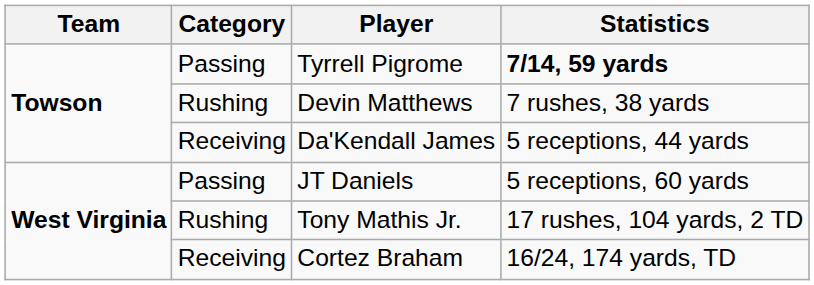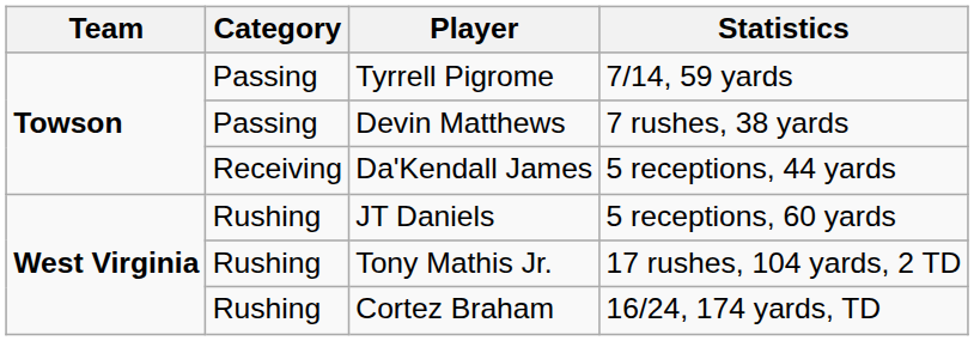 <table class="wikitable" style="float: right;">
 <tr>
 <th>Team</th>
 <th>Category</th>
 <th>Player</th>
 <th>Statistics</th>
 </tr>
 <tr>
 <td rowspan=3><strong>Towson</strong></td>
 <td>Passing</td>
 <td>Tyrrell Pigrome</td>
-<td><strong>7/14, 59 yards</strong></td>
+<td>7/14, 59 yards</td>
 </tr>
 <tr>
-<td>Rushing</td>
+<td>Passing</td>
 <td>Devin Matthews</td>
 <td>7 rushes, 38 yards</td>
 </tr>
 <tr>
 <td>Receiving</td>
 <td>Da'Kendall James</td>
 <td>5 receptions, 44 yards</td>
 </tr>
 <tr>
 <td rowspan=3><strong>West Virginia</strong></td>
-<td>Passing</td>
+<td>Rushing</td>
 <td>JT Daniels</td>
 <td>5 receptions, 60 yards</td>
 </tr>
 <tr>
 <td>Rushing</td>
 <td>Tony Mathis Jr.</td>
 <td>17 rushes, 104 yards, 2 TD</td>
 </tr>
 <tr>
-<td>Receiving</td>
+<td>Rushing</td>
 <td>Cortez Braham</td>
 <td>16/24, 174 yards, TD</td>
 </tr>
 </table>
